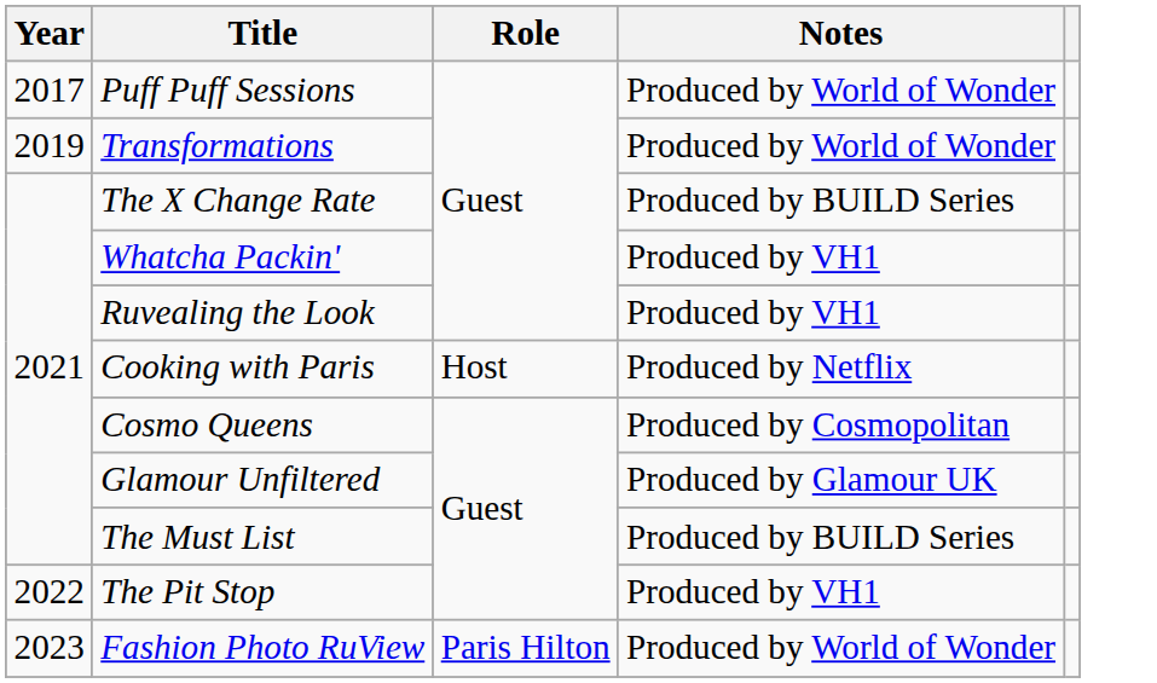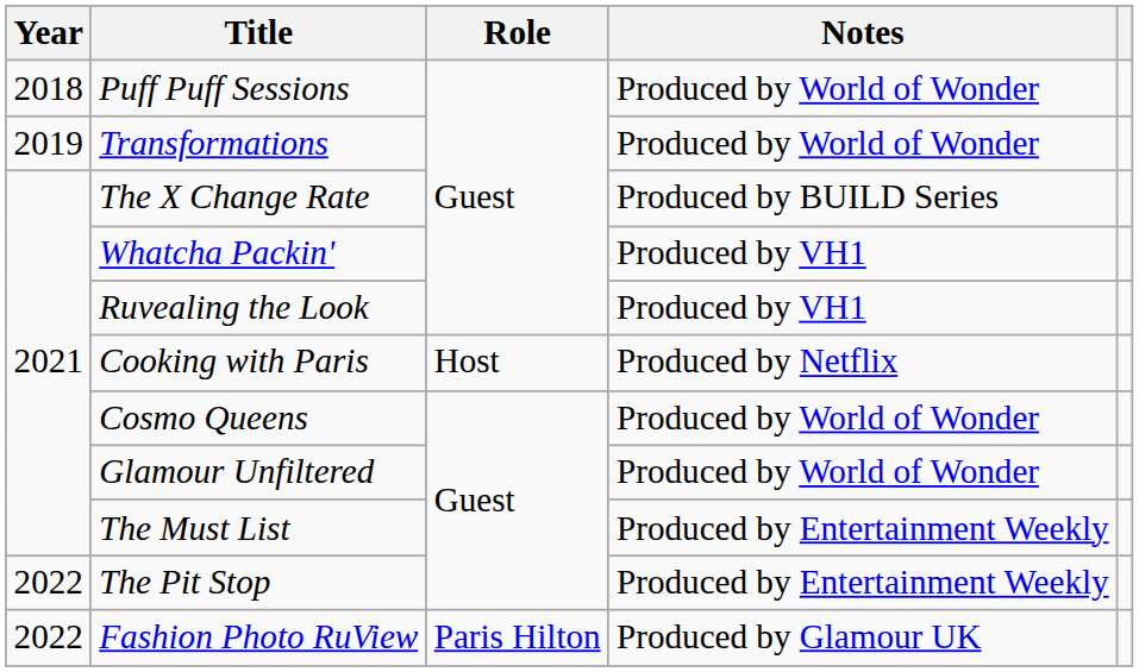 <table class="wikitable plainrowheaders sortable">
 <tr>
 <th scope="col">Year</th>
 <th scope="col">Title</th>
 <th scope="col">Role</th>
 <th scope="col">Notes</th>
 <th style="text-align: center;" class="unsortable"></th>
 </tr>
 <tr>
-<td>2017</td>
+<td>2018</td>
 <td><em>Puff Puff Sessions</em></td>
 <td rowspan= "5">Guest</td>
 <td>Produced by <a href='#'>World of Wonder</a></td>
 <td></td>
 </tr>
 <tr>
 <td>2019</td>
 <td><em><a href='#'>Transformations</a></em></td>
 <td>Produced by <a href='#'>World of Wonder</a></td>
 <td></td>
 </tr>
 <tr>
 <td rowspan= "7">2021</td>
 <td><em>The X Change Rate</em></td>
 <td>Produced by BUILD Series</td>
 <td style="text-align: center;"></td>
 </tr>
 <tr>
 <td><em><a href='#'>Whatcha Packin'</a></em></td>
 <td>Produced by <a href='#'>VH1</a></td>
 <td style="text-align: center;"></td>
 </tr>
 <tr>
 <td><em>Ruvealing the Look</em></td>
 <td>Produced by <a href='#'>VH1</a></td>
 <td style="text-align: center;"></td>
 </tr>
 <tr>
 <td><em>Cooking with Paris</em></td>
 <td>Host</td>
 <td>Produced by <a href='#'>Netflix</a></td>
 <td style="text-align: center;"></td>
 </tr>
 <tr>
 <td><em>Cosmo Queens</em></td>
 <td rowspan= "4">Guest</td>
-<td>Produced by <a href='#'>Cosmopolitan</a></td>
+<td>Produced by <a href='#'>World of Wonder</a></td>
 <td style="text-align: center;"></td>
 </tr>
 <tr>
 <td><em>Glamour Unfiltered</em></td>
-<td>Produced by <a href='#'>Glamour UK</a></td>
+<td>Produced by <a href='#'>World of Wonder</a></td>
 <td style="text-align: center;"></td>
 </tr>
 <tr>
 <td><em>The Must List</em></td>
-<td>Produced by BUILD Series</td>
+<td>Produced by <a href='#'>Entertainment Weekly</a></td>
 <td style="text-align: center;"></td>
 </tr>
 <tr>
 <td>2022</td>
 <td><em>The Pit Stop</em></td>
-<td>Produced by <a href='#'>VH1</a></td>
+<td>Produced by <a href='#'>Entertainment Weekly</a></td>
 <td style="text-align: center;"></td>
 </tr>
 <tr>
-<td>2023</td>
+<td>2022</td>
 <td><em><a href='#'>Fashion Photo RuView</a></em></td>
 <td><a href='#'>Paris Hilton</a></td>
-<td>Produced by <a href='#'>World of Wonder</a></td>
+<td>Produced by <a href='#'>Glamour UK</a></td>
 <td style=“text-align: center;”></td>
 </tr>
 </table>
